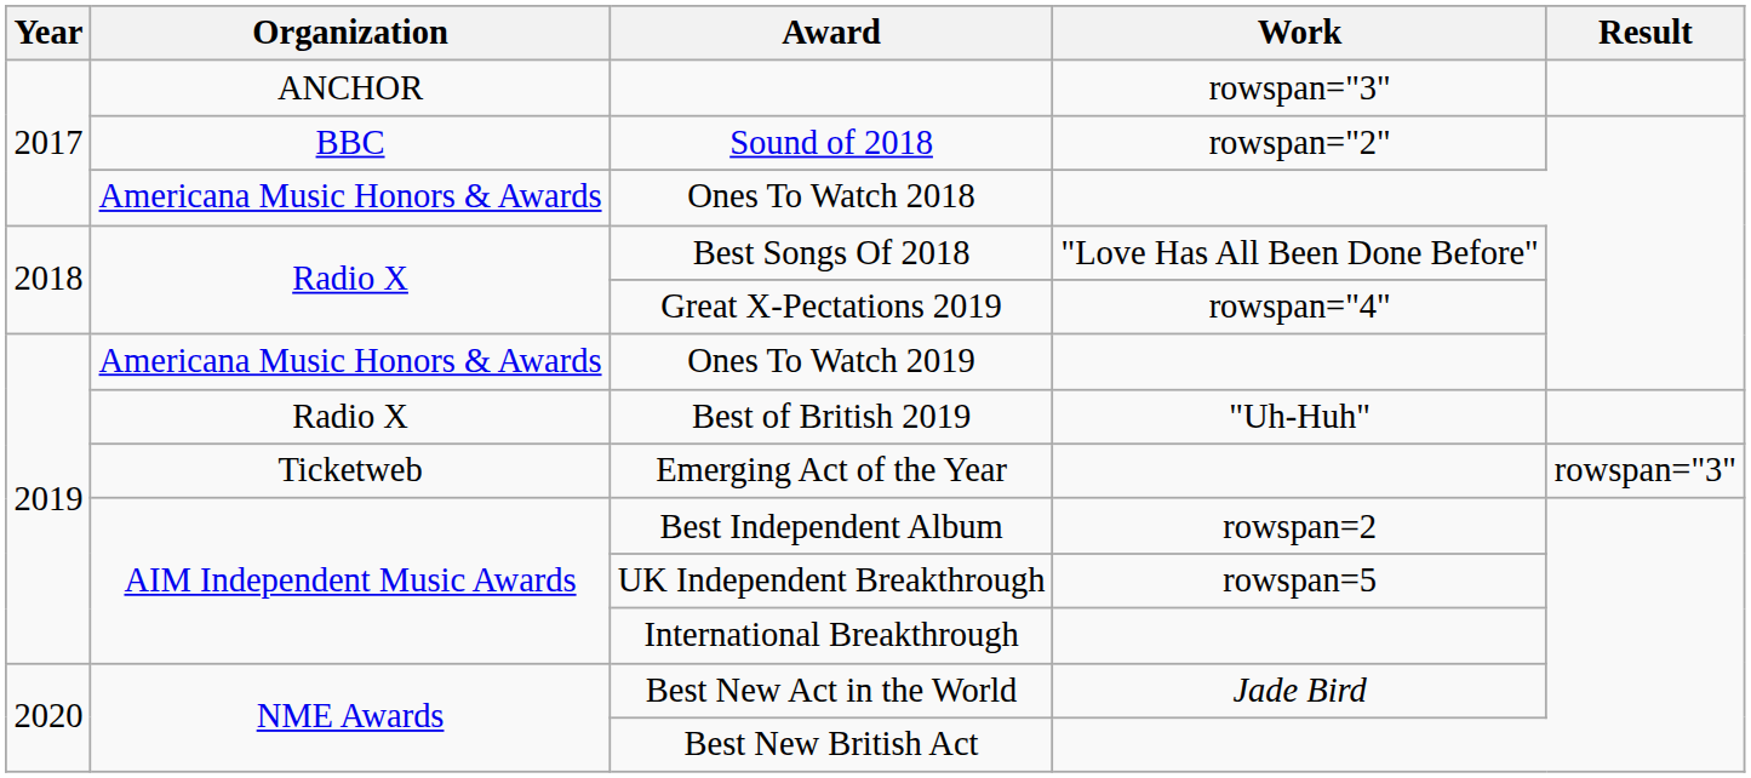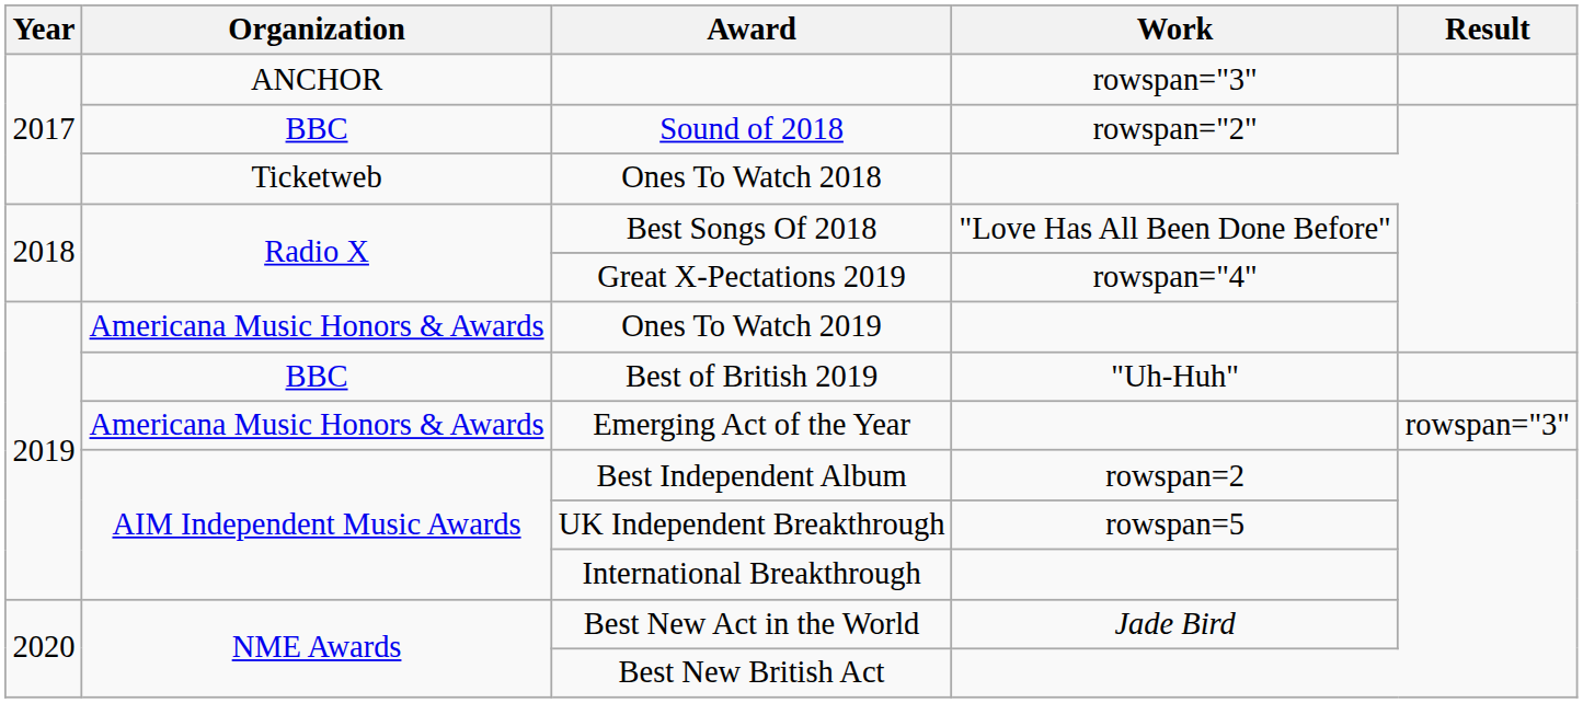 <table class="wikitable plainrowheaders" style="text-align:center;">
 <tr>
 <th>Year</th>
 <th>Organization</th>
 <th>Award</th>
 <th>Work</th>
 <th>Result</th>
 </tr>
 <tr>
 <td rowspan="3">2017</td>
 <td>ANCHOR</td>
 <td></td>
 <td>rowspan="3" </td>
 <td></td>
 </tr>
 <tr>
 <td><a href='#'>BBC</a></td>
 <td><a href='#'>Sound of 2018</a></td>
 <td>rowspan="2" </td>
 </tr>
 <tr>
-<td><a href='#'>Americana Music Honors & Awards</a></td>
+<td>Ticketweb</td>
 <td>Ones To Watch 2018</td>
 </tr>
 <tr>
 <td rowspan="2">2018</td>
 <td rowspan="2"><a href='#'>Radio X</a></td>
 <td>Best Songs Of 2018</td>
 <td>"Love Has All Been Done Before"</td>
 </tr>
 <tr>
 <td>Great X-Pectations 2019</td>
 <td>rowspan="4" <br></td>
 </tr>
 <tr>
 <td rowspan="6">2019</td>
 <td><a href='#'>Americana Music Honors & Awards</a></td>
 <td>Ones To Watch 2019</td>
 <td></td>
 </tr>
 <tr>
-<td>Radio X</td>
+<td><a href='#'>BBC</a></td>
 <td>Best of British 2019</td>
 <td>"Uh-Huh"</td>
 <td></td>
 </tr>
 <tr>
-<td>Ticketweb</td>
+<td><a href='#'>Americana Music Honors & Awards</a></td>
 <td>Emerging Act of the Year</td>
 <td></td>
 <td>rowspan="3" <br></td>
 </tr>
 <tr>
 <td rowspan=3><a href='#'>AIM Independent Music Awards</a></td>
 <td>Best Independent Album</td>
 <td>rowspan=2 </td>
 </tr>
 <tr>
 <td>UK Independent Breakthrough</td>
 <td>rowspan=5 </td>
 </tr>
 <tr>
 <td>International Breakthrough</td>
 <td></td>
 </tr>
 <tr>
 <td rowspan=2>2020</td>
 <td rowspan=2><a href='#'>NME Awards</a></td>
 <td>Best New Act in the World</td>
 <td><em>Jade Bird</em></td>
 </tr>
 <tr>
 <td>Best New British Act</td>
 </tr>
 </table>
